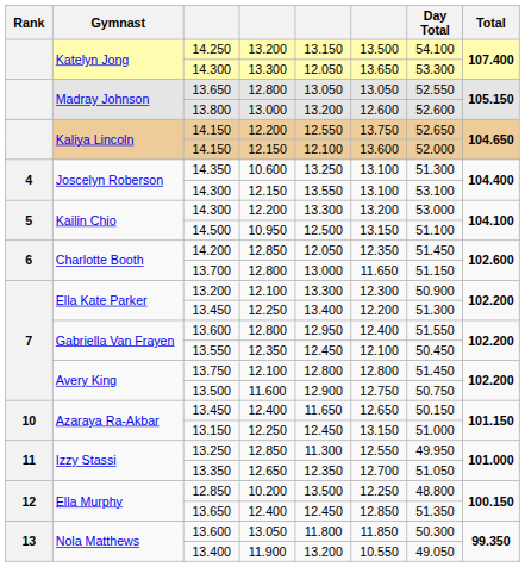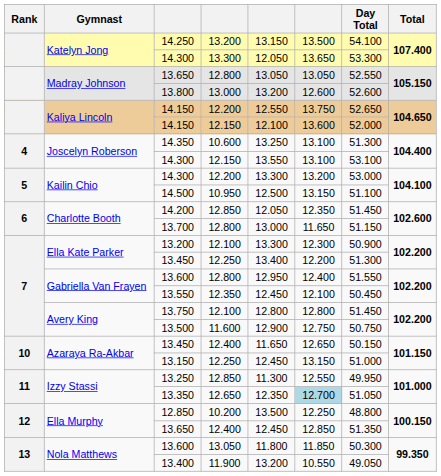 <table class="wikitable sortable" style="text-align:center; font-size:95%">
 <tr>
 <th scope="col" style="width:50px;">Rank</th>
 <th scope="col" style="width:150px;">Gymnast</th>
 <th scope="col" style="width:60px;"></th>
 <th scope="col" style="width:60px;"></th>
 <th scope="col" style="width:60px;"></th>
 <th scope="col" style="width:60px;"></th>
 <th scope="col" style="width:60px;">Day Total</th>
 <th scope="col" style="width:60px;">Total</th>
 </tr>
 <tr style="background:#fffcaf;">
 <th rowspan="2" scope=row style="text-align:center"></th>
 <td rowspan="2" align=left><a href='#'>Katelyn Jong</a></td>
 <td>14.250</td>
 <td>13.200</td>
 <td>13.150</td>
 <td>13.500</td>
 <td>54.100</td>
 <td rowspan="2"><strong>107.400</strong></td>
 </tr>
 <tr style="background:#fffcaf;">
 <td>14.300</td>
 <td>13.300</td>
 <td>12.050</td>
 <td>13.650</td>
 <td>53.300</td>
 </tr>
 <tr style="background:#e5e5e5;">
 <th rowspan="2" scope=row style="text-align:center"></th>
 <td rowspan="2" align=left><a href='#'>Madray Johnson</a></td>
 <td>13.650</td>
 <td>12.800</td>
 <td>13.050</td>
 <td>13.050</td>
 <td>52.550</td>
 <td rowspan="2"><strong>105.150</strong></td>
 </tr>
 <tr style="background:#e5e5e5;">
 <td>13.800</td>
 <td>13.000</td>
 <td>13.200</td>
 <td>12.600</td>
 <td>52.600</td>
 </tr>
 <tr style="background:#ec9;">
 <th rowspan="2" scope=row style="text-align:center"></th>
 <td rowspan="2" align=left><a href='#'>Kaliya Lincoln</a></td>
 <td>14.150</td>
 <td>12.200</td>
 <td>12.550</td>
 <td>13.750</td>
 <td>52.650</td>
 <td rowspan="2"><strong>104.650</strong></td>
 </tr>
 <tr style="background:#ec9;">
 <td>14.150</td>
 <td>12.150</td>
 <td>12.100</td>
 <td>13.600</td>
 <td>52.000</td>
 </tr>
 <tr>
 <th rowspan="2" scope=row style="text-align:center">4</th>
 <td rowspan="2" align=left><a href='#'>Joscelyn Roberson</a></td>
 <td>14.350</td>
 <td>10.600</td>
 <td>13.250</td>
 <td>13.100</td>
 <td>51.300</td>
 <td rowspan="2"><strong>104.400</strong></td>
 </tr>
 <tr>
 <td>14.300</td>
 <td>12.150</td>
 <td>13.550</td>
 <td>13.100</td>
 <td>53.100</td>
 </tr>
 <tr>
 <th rowspan="2" scope="row" style="text-align:center">5</th>
 <td rowspan="2" align="left"><a href='#'>Kailin Chio</a></td>
 <td>14.300</td>
 <td>12.200</td>
 <td>13.300</td>
 <td>13.200</td>
 <td>53.000</td>
 <td rowspan="2"><strong>104.100</strong></td>
 </tr>
 <tr>
 <td>14.500</td>
 <td>10.950</td>
 <td>12.500</td>
 <td>13.150</td>
 <td>51.100</td>
 </tr>
 <tr>
 <th rowspan="2" scope=row style="text-align:center">6</th>
 <td rowspan="2" align=left><a href='#'>Charlotte Booth</a></td>
 <td>14.200</td>
 <td>12.850</td>
 <td>12.050</td>
 <td>12.350</td>
 <td>51.450</td>
 <td rowspan="2"><strong>102.600</strong></td>
 </tr>
 <tr>
 <td>13.700</td>
 <td>12.800</td>
 <td>13.000</td>
 <td>11.650</td>
 <td>51.150</td>
 </tr>
 <tr>
 <th rowspan="6" scope=row style="text-align:center">7</th>
 <td rowspan="2" align=left><a href='#'>Ella Kate Parker</a></td>
 <td>13.200</td>
 <td>12.100</td>
 <td>13.300</td>
 <td>12.300</td>
 <td>50.900</td>
 <td rowspan="2"><strong>102.200</strong></td>
 </tr>
 <tr>
 <td>13.450</td>
 <td>12.250</td>
 <td>13.400</td>
 <td>12.200</td>
 <td>51.300</td>
 </tr>
 <tr>
 <td rowspan="2" align=left><a href='#'>Gabriella Van Frayen</a></td>
 <td>13.600</td>
 <td>12.800</td>
 <td>12.950</td>
 <td>12.400</td>
 <td>51.550</td>
 <td rowspan="2"><strong>102.200</strong></td>
 </tr>
 <tr>
 <td>13.550</td>
 <td>12.350</td>
 <td>12.450</td>
 <td>12.100</td>
 <td>50.450</td>
 </tr>
 <tr>
 <td rowspan="2" align=left><a href='#'>Avery King</a></td>
 <td>13.750</td>
 <td>12.100</td>
 <td>12.800</td>
 <td>12.800</td>
 <td>51.450</td>
 <td rowspan="2"><strong>102.200</strong></td>
 </tr>
 <tr>
 <td>13.500</td>
 <td>11.600</td>
 <td>12.900</td>
 <td>12.750</td>
 <td>50.750</td>
 </tr>
 <tr>
 <th rowspan="2" scope=row style="text-align:center">10</th>
 <td rowspan="2" align=left><a href='#'>Azaraya Ra-Akbar</a></td>
 <td>13.450</td>
 <td>12.400</td>
 <td>11.650</td>
 <td>12.650</td>
 <td>50.150</td>
 <td rowspan="2"><strong>101.150</strong></td>
 </tr>
 <tr>
 <td>13.150</td>
 <td>12.250</td>
 <td>12.450</td>
 <td>13.150</td>
 <td>51.000</td>
 </tr>
 <tr>
 <th rowspan="2" scope=row style="text-align:center">11</th>
 <td rowspan="2" align=left><a href='#'>Izzy Stassi</a></td>
 <td>13.250</td>
 <td>12.850</td>
 <td>11.300</td>
 <td>12.550</td>
 <td>49.950</td>
 <td rowspan="2"><strong>101.000</strong></td>
 </tr>
 <tr>
 <td>13.350</td>
 <td>12.650</td>
 <td>12.350</td>
-<td>12.700</td>
+<td style="background: lightblue;">12.700</td>
 <td>51.050</td>
 </tr>
 <tr>
 <th rowspan="2" scope=row style="text-align:center">12</th>
 <td rowspan="2" align=left><a href='#'>Ella Murphy</a></td>
 <td>12.850</td>
 <td>10.200</td>
 <td>13.500</td>
 <td>12.250</td>
 <td>48.800</td>
 <td rowspan="2"><strong>100.150</strong></td>
 </tr>
 <tr>
 <td>13.650</td>
 <td>12.400</td>
 <td>12.450</td>
 <td>12.850</td>
 <td>51.350</td>
 </tr>
 <tr>
 <th rowspan="2" scope=row style="text-align:center">13</th>
 <td rowspan="2" align=left><a href='#'>Nola Matthews</a></td>
 <td>13.600</td>
 <td>13.050</td>
 <td>11.800</td>
 <td>11.850</td>
 <td>50.300</td>
 <td rowspan="2"><strong>99.350</strong></td>
 </tr>
 <tr>
 <td>13.400</td>
 <td>11.900</td>
 <td>13.200</td>
 <td>10.550</td>
 <td>49.050</td>
 </tr>
 </table>
